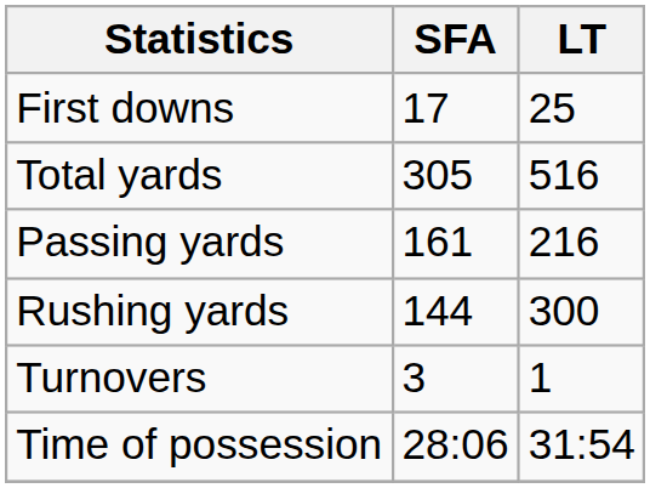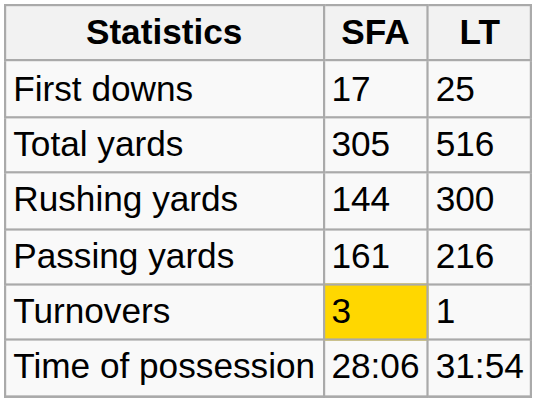 <table class="wikitable">
 <tr>
 <th>Statistics</th>
 <th>SFA</th>
 <th>LT</th>
 </tr>
 <tr>
 <td>First downs</td>
 <td>17</td>
 <td>25</td>
 </tr>
 <tr>
 <td>Total yards</td>
 <td>305</td>
 <td>516</td>
 </tr>
 <tr>
+<td>Rushing yards</td>
+<td>144</td>
+<td>300</td>
+</tr>
+<tr>
 <td>Passing yards</td>
 <td>161</td>
 <td>216</td>
 </tr>
 <tr>
-<td>Rushing yards</td>
-<td>144</td>
-<td>300</td>
-</tr>
-<tr>
 <td>Turnovers</td>
-<td>3</td>
+<td style="background: gold;">3</td>
 <td>1</td>
 </tr>
 <tr>
 <td>Time of possession</td>
 <td>28:06</td>
 <td>31:54</td>
 </tr>
 <tr>
 </tr>
 </table>
